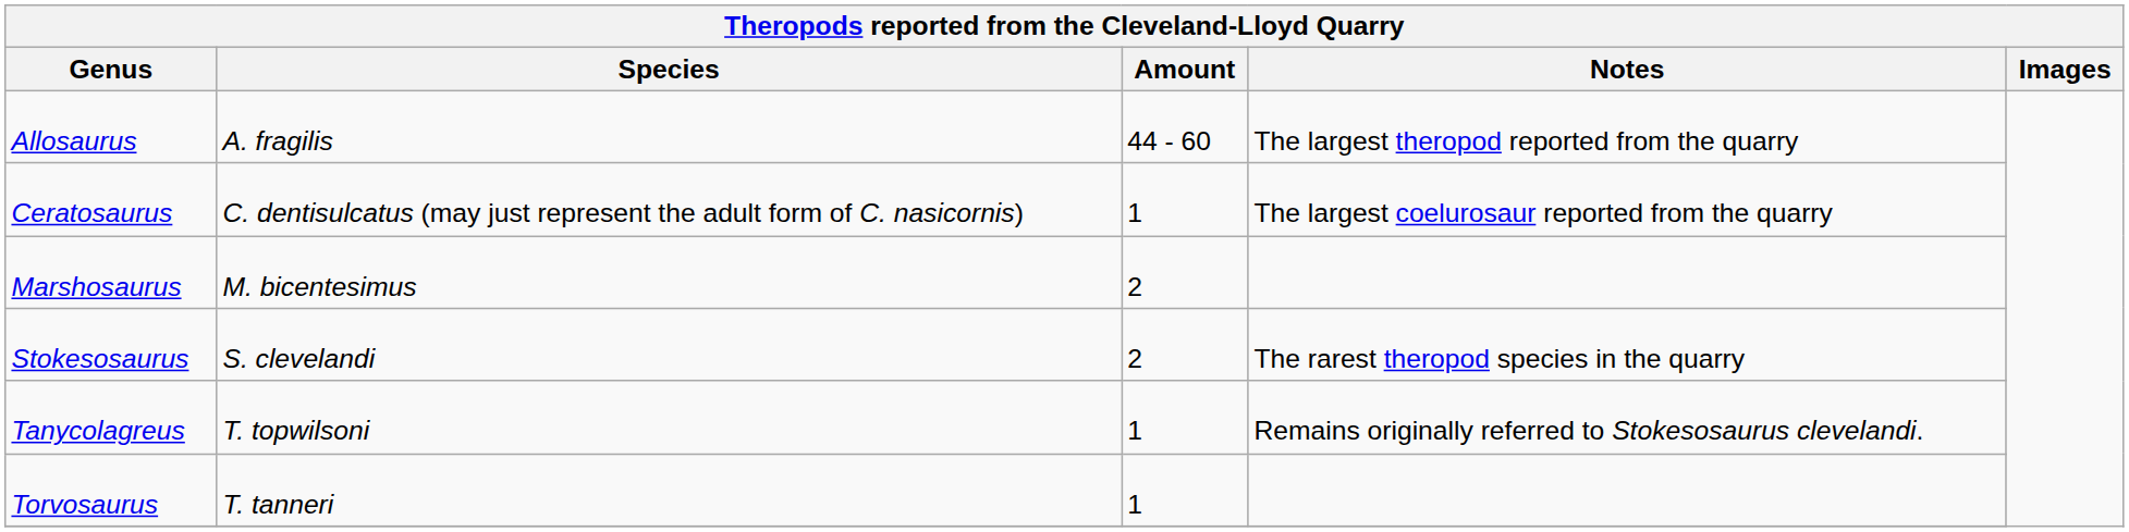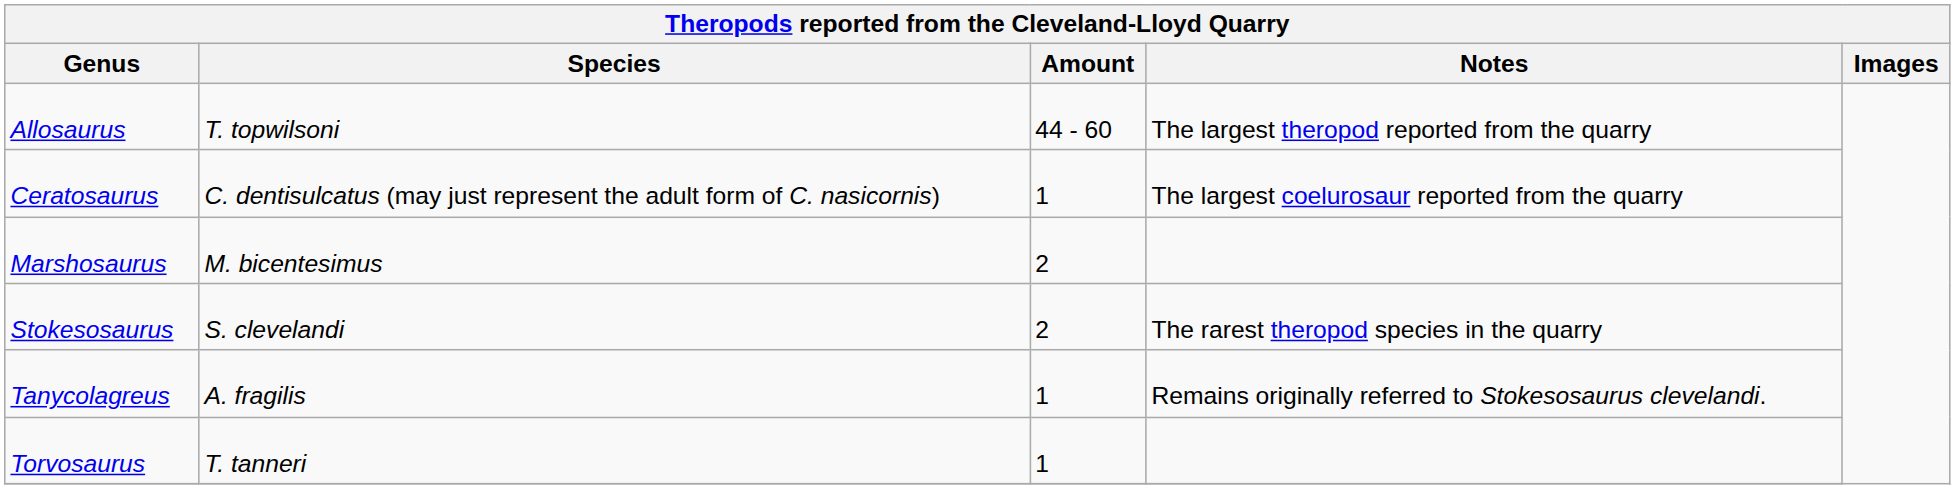 <table class="wikitable" align="center" width="100%">
 <tr>
 <th colspan="7" align="center"><strong><a href='#'>Theropods</a> reported from the Cleveland-Lloyd Quarry</strong></th>
 </tr>
 <tr>
 <th>Genus</th>
 <th>Species</th>
 <th>Amount</th>
 <th>Notes</th>
 <th>Images</th>
 </tr>
 <tr>
 <td><br><em><a href='#'>Allosaurus</a></em></td>
-<td><br><em>A. fragilis</em></td>
+<td><br><em>T. topwilsoni</em></td>
 <td><br>44 - 60</td>
 <td><br>The largest <a href='#'>theropod</a> reported from the quarry</td>
 <td rowspan="99"><br> </td>
 </tr>
 <tr>
 <td><br><em><a href='#'>Ceratosaurus</a></em></td>
 <td><br><em>C. dentisulcatus</em> (may just represent the adult form of <em>C. nasicornis</em>)</td>
 <td><br>1</td>
 <td><br>The largest <a href='#'>coelurosaur</a> reported from the quarry</td>
 </tr>
 <tr>
 <td><br><em><a href='#'>Marshosaurus</a></em></td>
 <td><br><em>M. bicentesimus</em></td>
 <td><br>2</td>
 <td></td>
 </tr>
 <tr>
 <td><br><em><a href='#'>Stokesosaurus</a></em></td>
 <td><br><em>S. clevelandi</em></td>
 <td><br>2</td>
 <td><br>The rarest <a href='#'>theropod</a> species in the quarry</td>
 </tr>
 <tr>
 <td><br><em><a href='#'>Tanycolagreus</a></em></td>
-<td><br><em>T. topwilsoni</em></td>
+<td><br><em>A. fragilis</em></td>
 <td><br>1</td>
 <td><br>Remains originally referred to <em>Stokesosaurus clevelandi</em>.</td>
 </tr>
 <tr>
 <td><br><em><a href='#'>Torvosaurus</a></em></td>
 <td><br><em>T. tanneri</em></td>
 <td><br>1</td>
 <td></td>
 </tr>
 <tr>
 </tr>
 </table>
